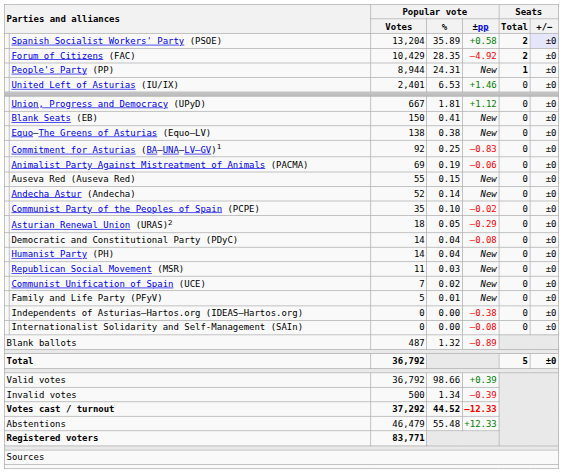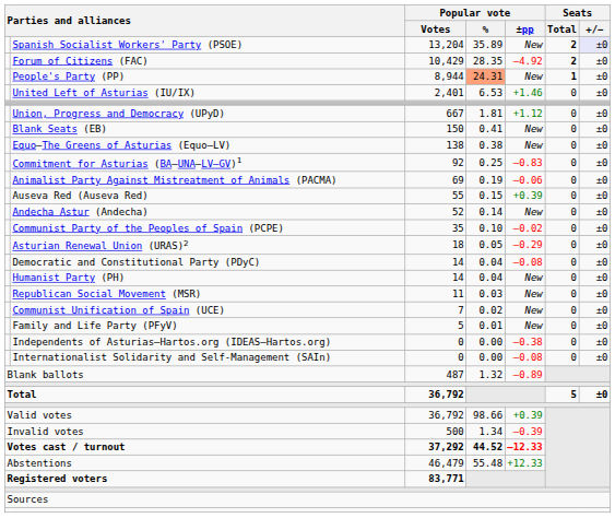 <table class="wikitable" style="text-align:right;">
 <tr>
 <th style="text-align:left;" rowspan="2" colspan="2" width="525">Parties and alliances</th>
 <th colspan="3">Popular vote</th>
 <th colspan="2">Seats</th>
 </tr>
 <tr>
 <th width="75">Votes</th>
 <th width="45">%</th>
 <th width="45">±<a href='#'>pp</a></th>
 <th width="35">Total</th>
 <th width="35">+/−</th>
 </tr>
 <tr>
 <td width="1" style="color:inherit;background:"></td>
 <td align="left"><a href='#'>Spanish Socialist Workers' Party</a> (PSOE)</td>
 <td>13,204</td>
 <td>35.89</td>
-<td style="color:green;">+0.58</td>
+<td><em>New</em></td>
 <td><strong>2</strong></td>
 <td style="background: lavender;">±0</td>
 </tr>
 <tr>
 <td style="color:inherit;background:"></td>
 <td align="left"><a href='#'>Forum of Citizens</a> (FAC)</td>
 <td>10,429</td>
 <td>28.35</td>
 <td style="color:red;">–4.92</td>
 <td><strong>2</strong></td>
 <td>±0</td>
 </tr>
 <tr>
 <td style="color:inherit;background:"></td>
 <td align="left"><a href='#'>People's Party</a> (PP)</td>
 <td>8,944</td>
-<td>24.31</td>
+<td style="background: lightsalmon;">24.31</td>
 <td><em>New</em></td>
 <td><strong>1</strong></td>
 <td>±0</td>
 </tr>
 <tr>
 <td style="color:inherit;background:"></td>
 <td align="left"><a href='#'>United Left of Asturias</a> (IU/IX)</td>
 <td>2,401</td>
 <td>6.53</td>
 <td style="color:green;">+1.46</td>
 <td>0</td>
 <td>±0</td>
 </tr>
 <tr>
 <td colspan="7" bgcolor="#C0C0C0"></td>
 </tr>
 <tr>
 <td style="color:inherit;background:"></td>
 <td align="left"><a href='#'>Union, Progress and Democracy</a> (UPyD)</td>
 <td>667</td>
 <td>1.81</td>
 <td style="color:green;">+1.12</td>
 <td>0</td>
 <td>±0</td>
 </tr>
 <tr>
 <td style="color:inherit;background:"></td>
 <td align="left"><a href='#'>Blank Seats</a> (EB)</td>
 <td>150</td>
 <td>0.41</td>
 <td><em>New</em></td>
 <td>0</td>
 <td>±0</td>
 </tr>
 <tr>
 <td style="color:inherit;background:"></td>
 <td align="left"><a href='#'>Equo</a>–<a href='#'>The Greens of Asturias</a> (Equo–LV)</td>
 <td>138</td>
 <td>0.38</td>
 <td><em>New</em></td>
 <td>0</td>
 <td>±0</td>
 </tr>
 <tr>
 <td style="color:inherit;background:"></td>
 <td align="left"><a href='#'>Commitment for Asturias</a> (<a href='#'>BA</a>–<a href='#'>UNA</a>–<a href='#'>LV–GV</a>)<sup>1</sup></td>
 <td>92</td>
 <td>0.25</td>
 <td style="color:red;">–0.83</td>
 <td>0</td>
 <td>±0</td>
 </tr>
 <tr>
 <td style="color:inherit;background:"></td>
 <td align="left"><a href='#'>Animalist Party Against Mistreatment of Animals</a> (PACMA)</td>
 <td>69</td>
 <td>0.19</td>
 <td style="color:red;">–0.06</td>
 <td>0</td>
 <td>±0</td>
 </tr>
 <tr>
 <td style="color:inherit;background:"></td>
 <td align="left">Auseva Red (Auseva Red)</td>
 <td>55</td>
 <td>0.15</td>
-<td><em>New</em></td>
+<td style="color:green;">+0.39</td>
 <td>0</td>
 <td>±0</td>
 </tr>
 <tr>
 <td style="color:inherit;background:"></td>
 <td align="left"><a href='#'>Andecha Astur</a> (Andecha)</td>
 <td>52</td>
 <td>0.14</td>
 <td><em>New</em></td>
 <td>0</td>
 <td>±0</td>
 </tr>
 <tr>
 <td style="color:inherit;background:"></td>
 <td align="left"><a href='#'>Communist Party of the Peoples of Spain</a> (PCPE)</td>
 <td>35</td>
 <td>0.10</td>
 <td style="color:red;">–0.02</td>
 <td>0</td>
 <td>±0</td>
 </tr>
 <tr>
 <td style="color:inherit;background:"></td>
 <td align="left"><a href='#'>Asturian Renewal Union</a> (URAS)<sup>2</sup></td>
 <td>18</td>
 <td>0.05</td>
 <td style="color:red;">–0.29</td>
 <td>0</td>
 <td>±0</td>
 </tr>
 <tr>
 <td style="color:inherit;background:"></td>
 <td align="left">Democratic and Constitutional Party (PDyC)</td>
 <td>14</td>
 <td>0.04</td>
 <td style="color:red;">–0.08</td>
 <td>0</td>
 <td>±0</td>
 </tr>
 <tr>
 <td style="color:inherit;background:"></td>
 <td align="left"><a href='#'>Humanist Party</a> (PH)</td>
 <td>14</td>
 <td>0.04</td>
 <td><em>New</em></td>
 <td>0</td>
 <td>±0</td>
 </tr>
 <tr>
 <td style="color:inherit;background:"></td>
 <td align="left"><a href='#'>Republican Social Movement</a> (MSR)</td>
 <td>11</td>
 <td>0.03</td>
 <td><em>New</em></td>
 <td>0</td>
 <td>±0</td>
 </tr>
 <tr>
 <td style="color:inherit;background:"></td>
 <td align="left"><a href='#'>Communist Unification of Spain</a> (UCE)</td>
 <td>7</td>
 <td>0.02</td>
 <td><em>New</em></td>
 <td>0</td>
 <td>±0</td>
 </tr>
 <tr>
 <td style="color:inherit;background:"></td>
 <td align="left">Family and Life Party (PFyV)</td>
 <td>5</td>
 <td>0.01</td>
 <td><em>New</em></td>
 <td>0</td>
 <td>±0</td>
 </tr>
 <tr>
 <td style="color:inherit;background:"></td>
 <td align="left">Independents of Asturias–Hartos.org (IDEAS–Hartos.org)</td>
 <td>0</td>
 <td>0.00</td>
 <td style="color:red;">–0.38</td>
 <td>0</td>
 <td>±0</td>
 </tr>
 <tr>
 <td style="color:inherit;background:"></td>
 <td align="left">Internationalist Solidarity and Self-Management (SAIn)</td>
 <td>0</td>
 <td>0.00</td>
 <td style="color:red;">–0.08</td>
 <td>0</td>
 <td>±0</td>
 </tr>
 <tr>
 <td align="left" colspan="2">Blank ballots</td>
 <td>487</td>
 <td>1.32</td>
 <td style="color:red;">–0.89</td>
 <td bgcolor="#E9E9E9" colspan="2"></td>
 </tr>
 <tr>
 <td colspan="7" bgcolor="#E9E9E9"></td>
 </tr>
 <tr style="font-weight:bold;">
 <td align="left" colspan="2">Total</td>
 <td>36,792</td>
 <td bgcolor="#E9E9E9" colspan="2"></td>
 <td>5</td>
 <td>±0</td>
 </tr>
 <tr>
 <td colspan="7" bgcolor="#E9E9E9"></td>
 </tr>
 <tr>
 <td align="left" colspan="2">Valid votes</td>
 <td>36,792</td>
 <td>98.66</td>
 <td style="color:green;">+0.39</td>
 <td bgcolor="#E9E9E9" colspan="2" rowspan="5"></td>
 </tr>
 <tr>
 <td align="left" colspan="2">Invalid votes</td>
 <td>500</td>
 <td>1.34</td>
 <td style="color:red;">–0.39</td>
 </tr>
 <tr style="font-weight:bold;">
 <td align="left" colspan="2">Votes cast / turnout</td>
 <td>37,292</td>
 <td>44.52</td>
 <td style="color:red;">–12.33</td>
 </tr>
 <tr>
 <td align="left" colspan="2">Abstentions</td>
 <td>46,479</td>
 <td>55.48</td>
 <td style="color:green;">+12.33</td>
 </tr>
 <tr style="font-weight:bold;">
 <td align="left" colspan="2">Registered voters</td>
 <td>83,771</td>
 <td bgcolor="#E9E9E9" colspan="2"></td>
 </tr>
 <tr>
 <td colspan="7" bgcolor="#E9E9E9"></td>
 </tr>
 <tr>
 <td align="left" colspan="7">Sources</td>
 </tr>
 <tr>
 <td colspan="7" style="text-align:left; max-width:790px;"></td>
 </tr>
 </table>
